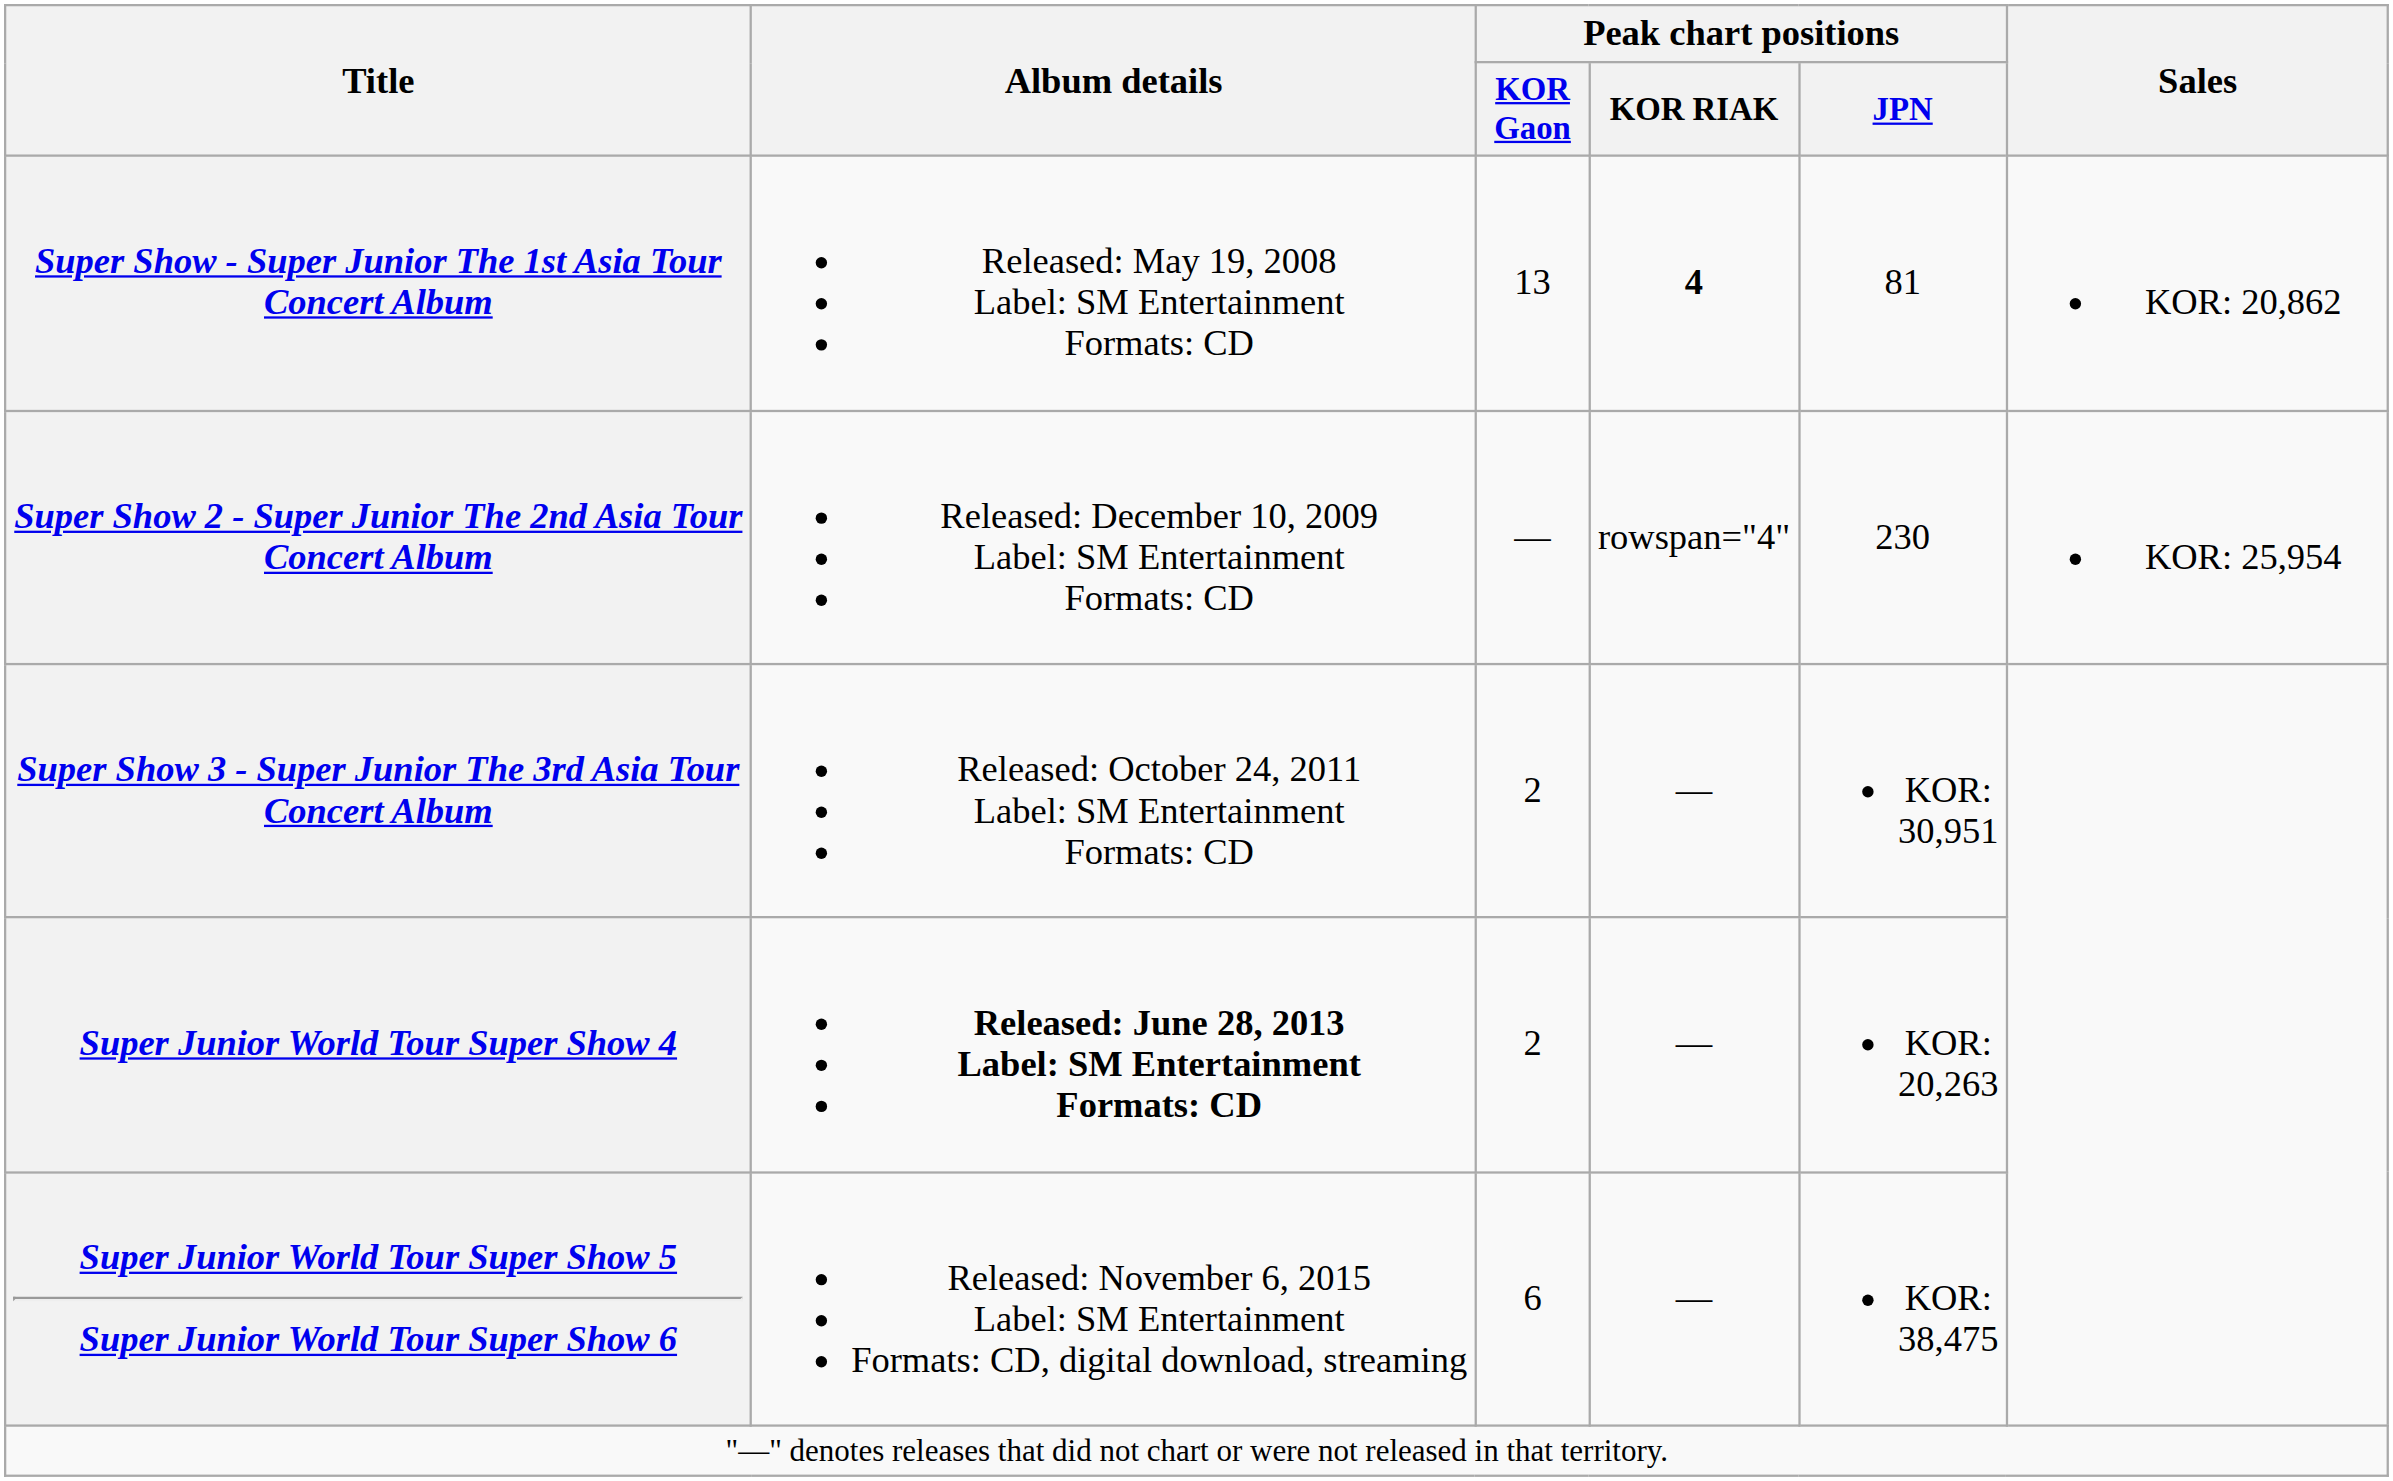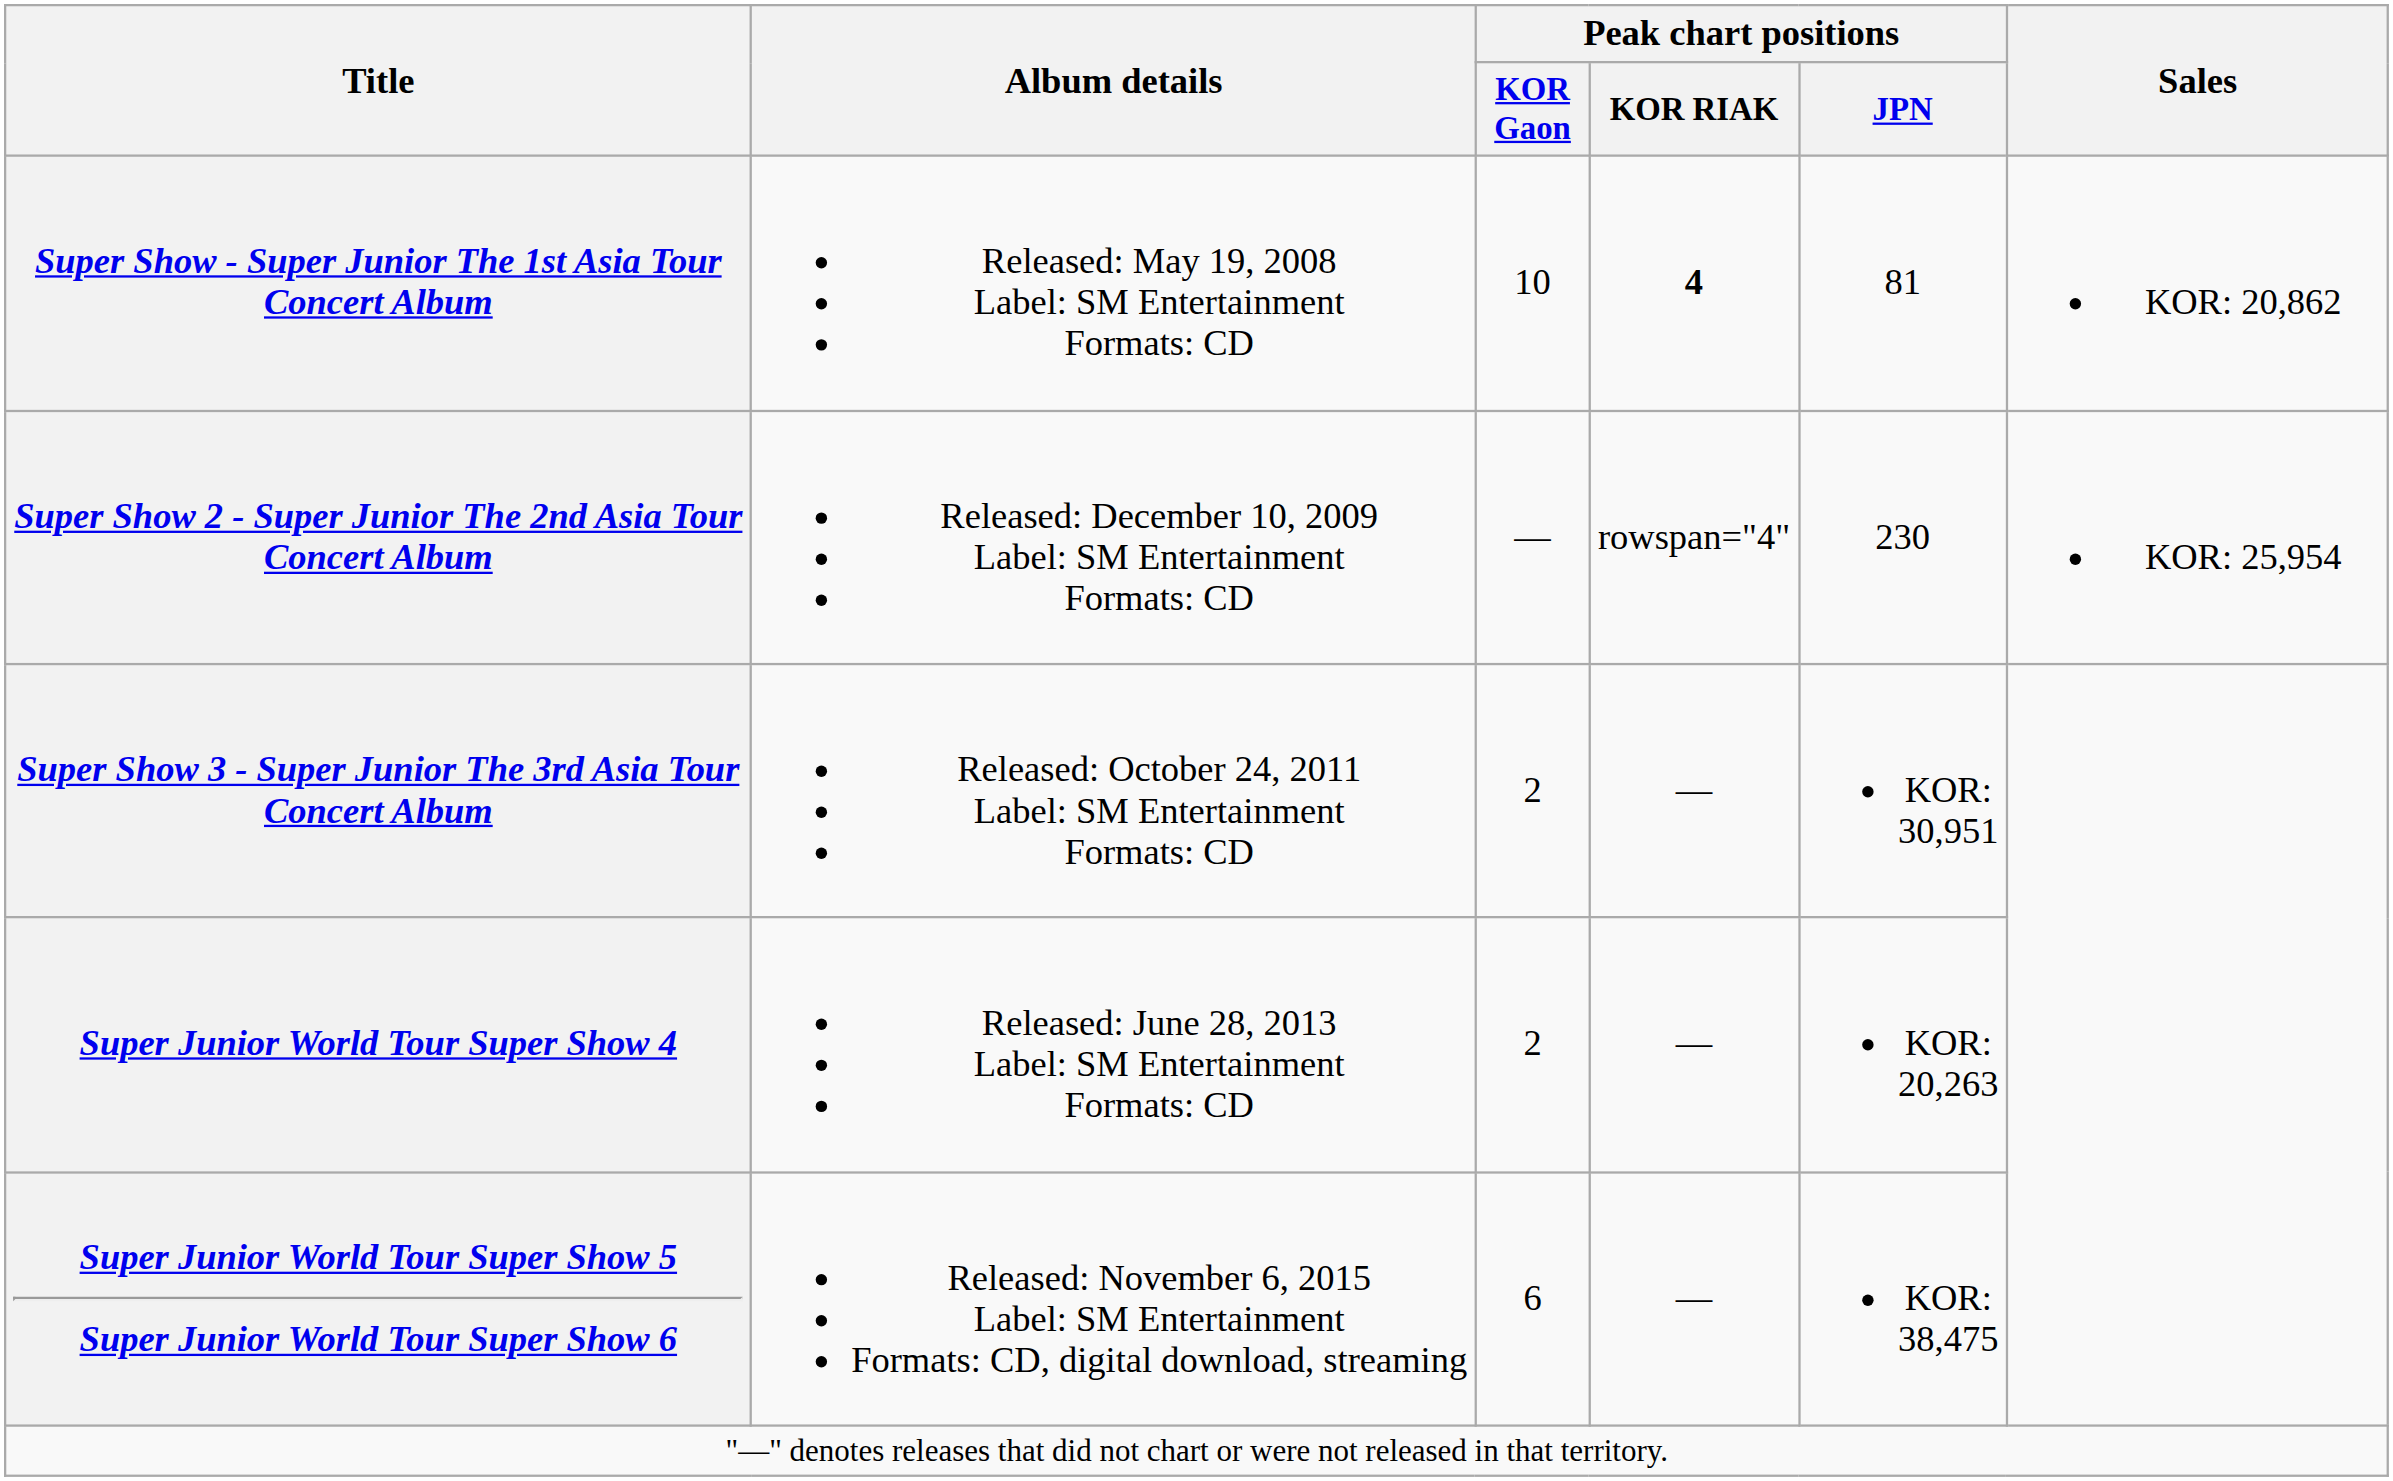 <table class="wikitable plainrowheaders" style="text-align:center;">
 <tr>
 <th scope="col" rowspan="2" style="width:20em;">Title</th>
 <th scope="col" rowspan="2">Album details</th>
 <th colspan="3" scope="col">Peak chart positions</th>
 <th scope="col" rowspan="2" style="width:10em;">Sales</th>
 </tr>
 <tr>
 <th scope="col" style="width:3em;font-size:90%;"><a href='#'>KOR Gaon</a><br></th>
 <th scope="col" style="width:3em;font-size:90%;">KOR RIAK<br></th>
 <th scope="col" style="width:3em;font-size:90%;"><a href='#'>JPN</a><br></th>
 </tr>
 <tr>
 <th scope="row"><em><a href='#'>Super Show - Super Junior The 1st Asia Tour Concert Album</a></em></th>
 <td><br><ul><li>Released: May 19, 2008</li><li>Label: SM Entertainment</li><li>Formats: CD</li></ul></td>
-<td>13</td>
+<td>10</td>
 <td><strong>4</strong></td>
 <td>81</td>
 <td><br><ul><li>KOR: 20,862</li></ul></td>
 </tr>
 <tr>
 <th scope="row"><em><a href='#'>Super Show 2 - Super Junior The 2nd Asia Tour Concert Album</a></em></th>
 <td><br><ul><li>Released: December 10, 2009</li><li>Label: SM Entertainment</li><li>Formats: CD</li></ul></td>
 <td>—</td>
 <td>rowspan="4" </td>
 <td>230</td>
 <td><br><ul><li>KOR: 25,954</li></ul></td>
 </tr>
 <tr>
 <th scope="row"><em><a href='#'>Super Show 3 - Super Junior The 3rd Asia Tour Concert Album</a></em></th>
 <td><br><ul><li>Released: October 24, 2011</li><li>Label: SM Entertainment</li><li>Formats: CD</li></ul></td>
 <td>2</td>
 <td>—</td>
 <td><br><ul><li>KOR: 30,951</li></ul></td>
 </tr>
 <tr>
 <th scope="row"><em><a href='#'>Super Junior World Tour Super Show 4</a></em></th>
-<td><strong><br><ul><li>Released: June 28, 2013</li><li>Label: SM Entertainment</li><li>Formats: CD</li></ul></strong></td>
+<td><br><ul><li>Released: June 28, 2013</li><li>Label: SM Entertainment</li><li>Formats: CD</li></ul></td>
 <td>2</td>
 <td>—</td>
 <td><br><ul><li>KOR: 20,263</li></ul></td>
 </tr>
 <tr>
 <th scope="row"><em><a href='#'>Super Junior World Tour Super Show 5</a></em> <hr> <em><a href='#'>Super Junior World Tour Super Show 6</a></em></th>
 <td><br><ul><li>Released: November 6, 2015</li><li>Label: SM Entertainment</li><li>Formats: CD, digital download, streaming</li></ul></td>
 <td>6</td>
 <td>—</td>
 <td><br><ul><li>KOR: 38,475</li></ul></td>
 </tr>
 <tr>
 <td colspan="6" style="text-align:center; font-size:85%;">"—" denotes releases that did not chart or were not released in that territory.</td>
 </tr>
 </table>
